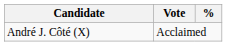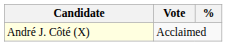 <table class="wikitable">
 <tr>
 <th bgcolor="#DDDDFF" width="200px">Candidate</th>
 <th bgcolor="#DDDDFF" width="50px">Vote</th>
 <th bgcolor="#DDDDFF" width="30px">%</th>
 </tr>
 <tr>
-<td>André J. Côté (X)</td>
+<td style="background: lightyellow;">André J. Côté (X)</td>
 <td colspan="2">Acclaimed</td>
 </tr>
 </table>
